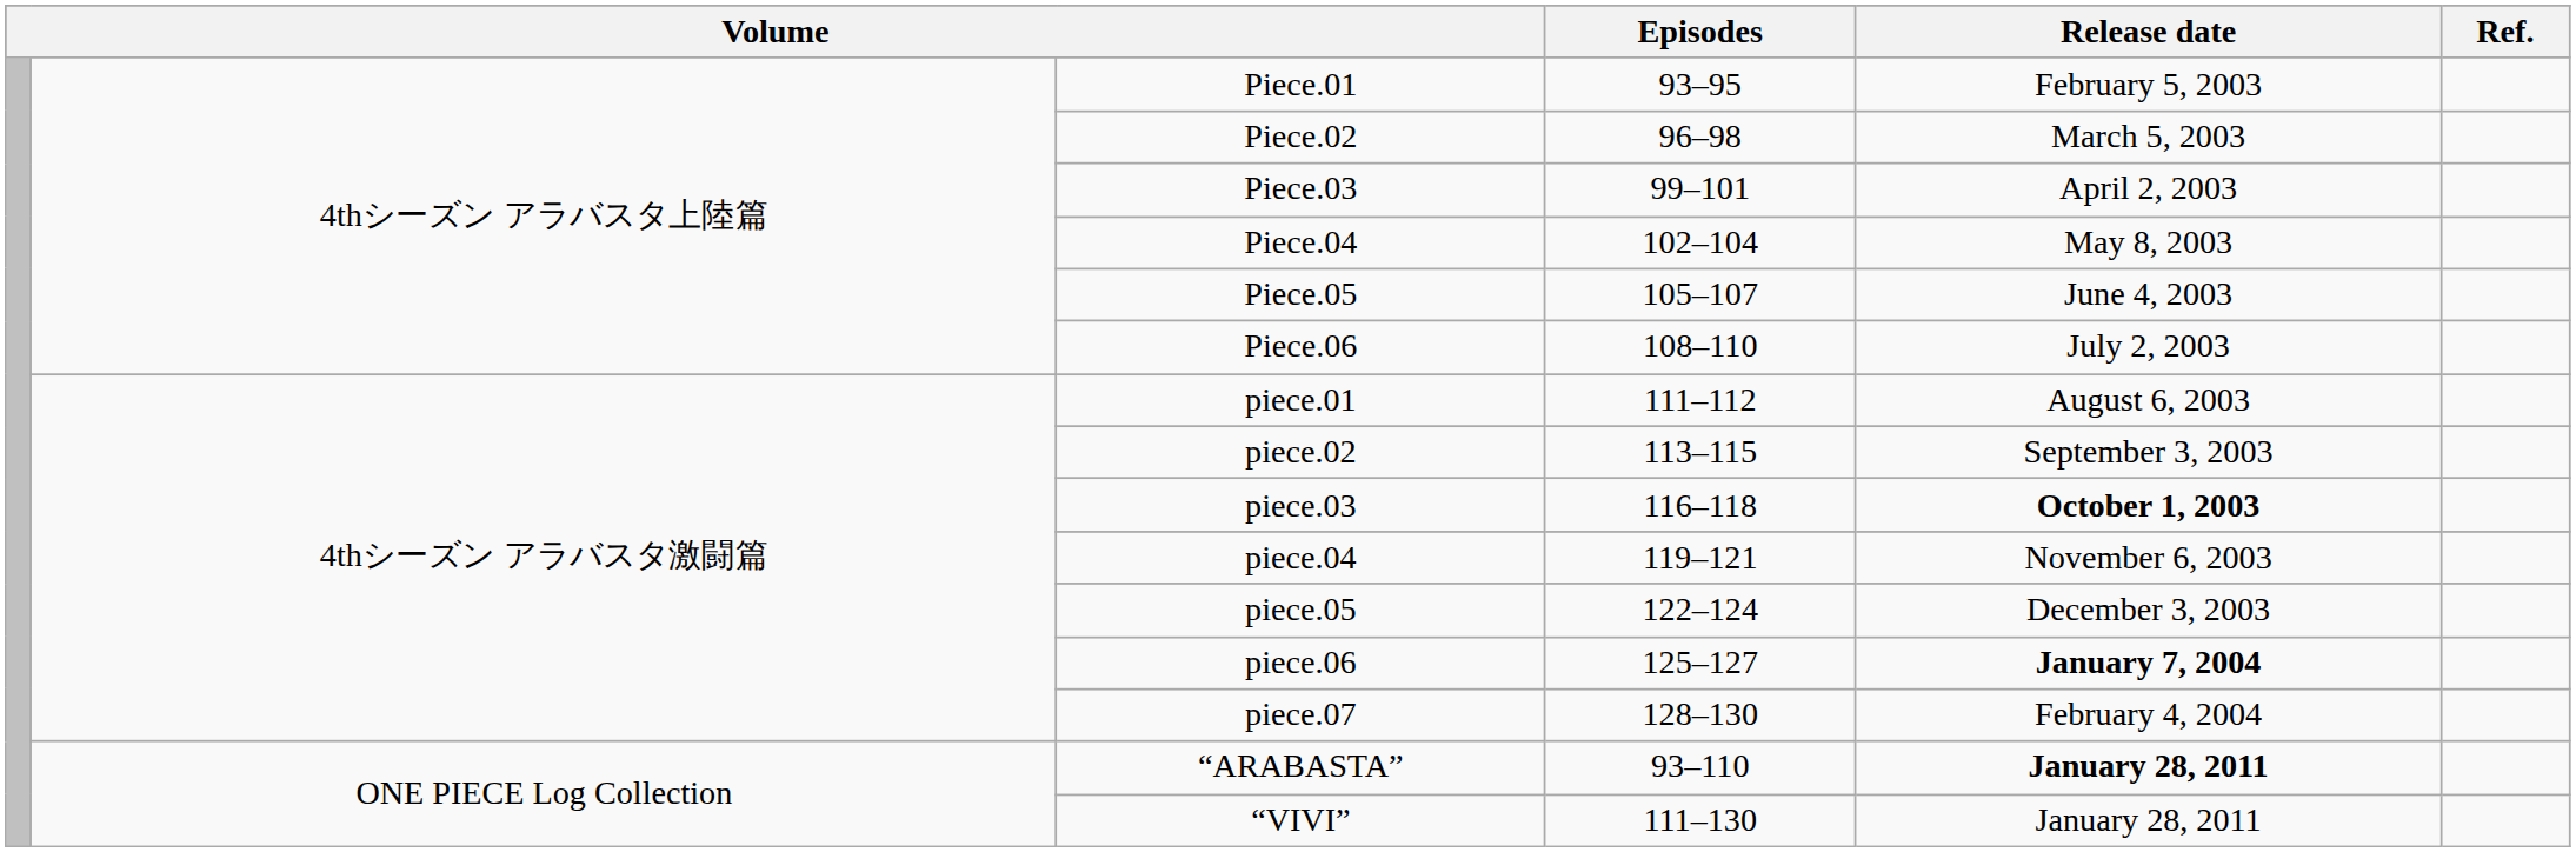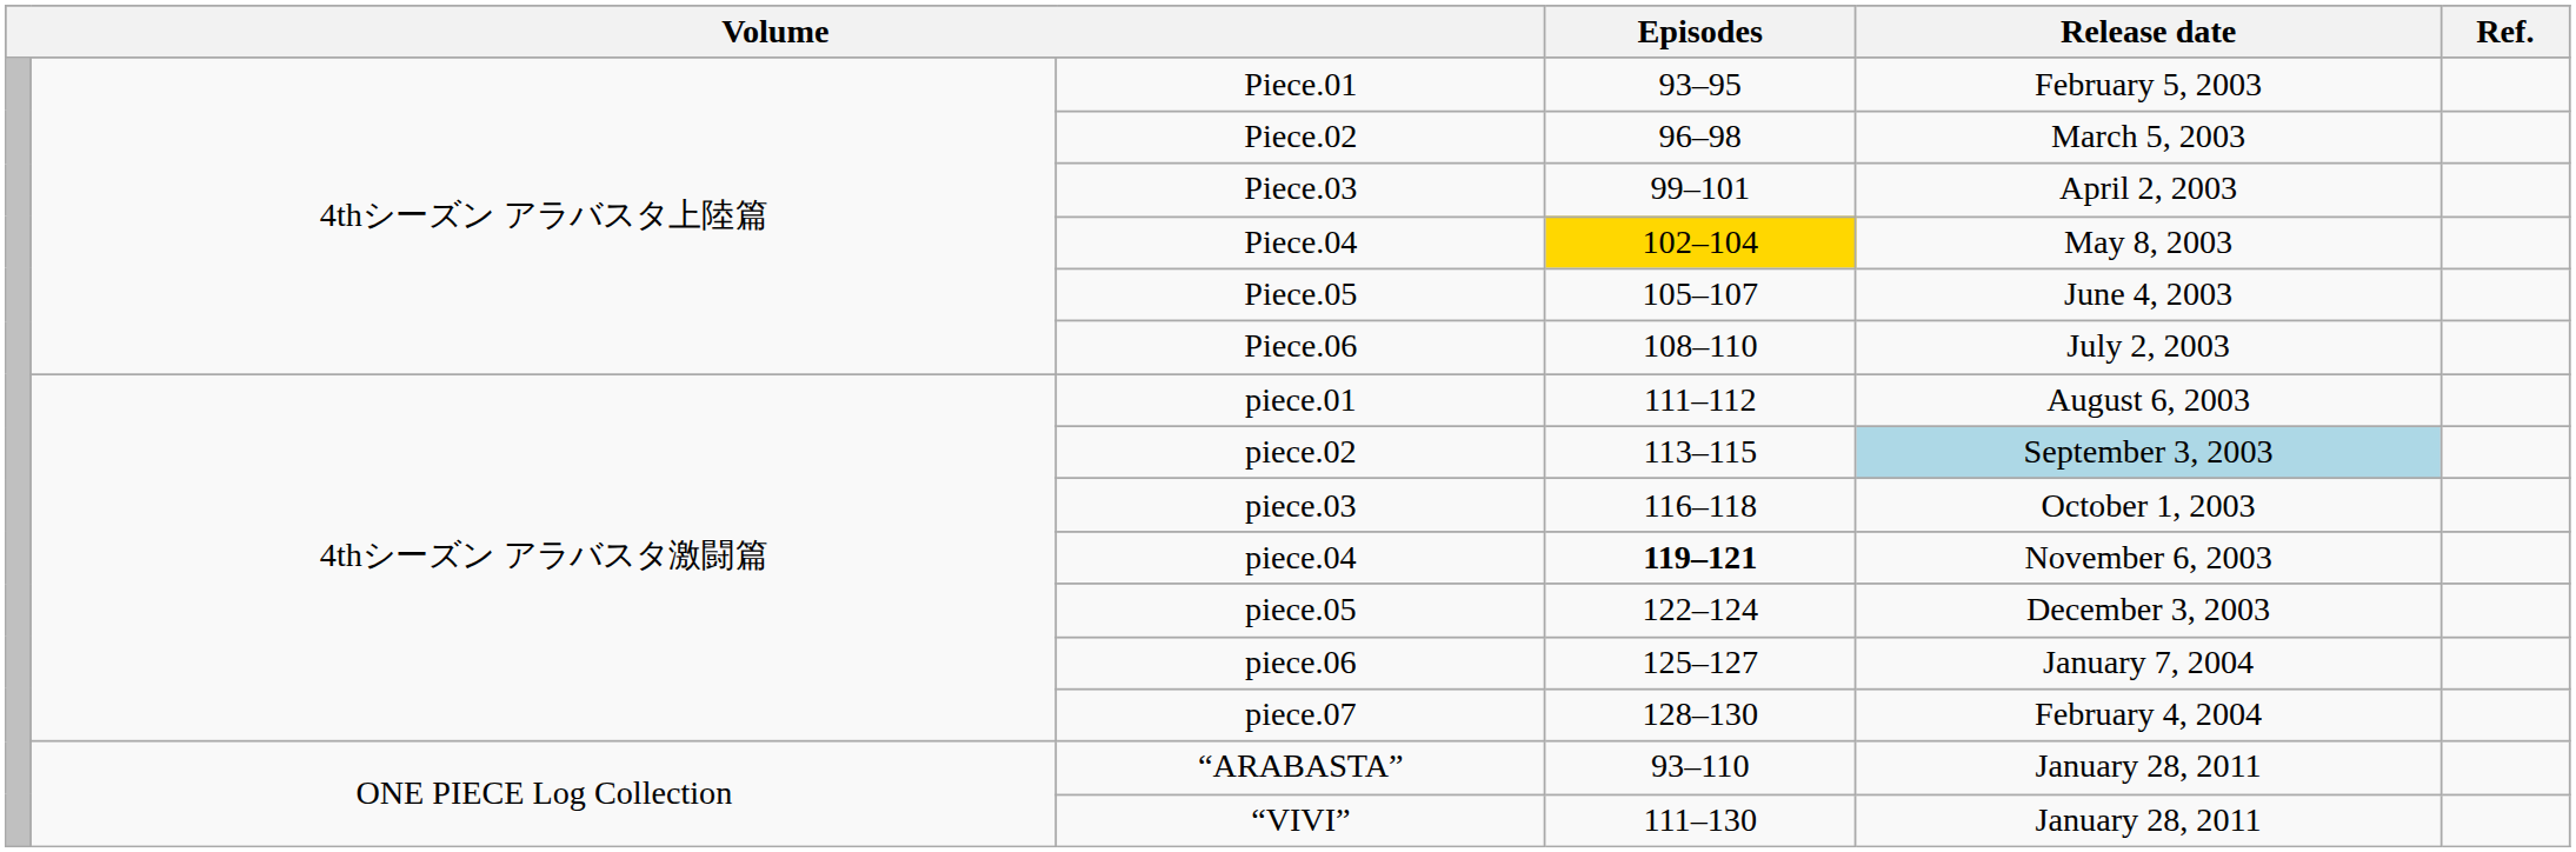 <table class="wikitable" style="text-align: center; width: 98%;">
 <tr>
 <th colspan="3">Volume</th>
 <th>Episodes</th>
 <th>Release date</th>
 <th width="5%">Ref.</th>
 </tr>
 <tr>
 <td rowspan="15" width="1%" style="background: #C0C0C0;"></td>
 <td rowspan="6">4thシーズン アラバスタ上陸篇</td>
 <td>Piece.01</td>
 <td>93–95</td>
 <td>February 5, 2003</td>
 <td></td>
 </tr>
 <tr>
 <td>Piece.02</td>
 <td>96–98</td>
 <td>March 5, 2003</td>
 <td></td>
 </tr>
 <tr>
 <td>Piece.03</td>
 <td>99–101</td>
 <td>April 2, 2003</td>
 <td></td>
 </tr>
 <tr>
 <td>Piece.04</td>
-<td>102–104</td>
+<td style="background: gold;">102–104</td>
 <td>May 8, 2003</td>
 <td></td>
 </tr>
 <tr>
 <td>Piece.05</td>
 <td>105–107</td>
 <td>June 4, 2003</td>
 <td></td>
 </tr>
 <tr>
 <td>Piece.06</td>
 <td>108–110</td>
 <td>July 2, 2003</td>
 <td></td>
 </tr>
 <tr>
 <td rowspan="7">4thシーズン アラバスタ激闘篇</td>
 <td>piece.01</td>
 <td>111–112</td>
 <td>August 6, 2003</td>
 <td></td>
 </tr>
 <tr>
 <td>piece.02</td>
 <td>113–115</td>
-<td>September 3, 2003</td>
+<td style="background: lightblue;">September 3, 2003</td>
 <td></td>
 </tr>
 <tr>
 <td>piece.03</td>
 <td>116–118</td>
-<td><strong>October 1, 2003</strong></td>
+<td>October 1, 2003</td>
 <td></td>
 </tr>
 <tr>
 <td>piece.04</td>
-<td>119–121</td>
+<td><strong>119–121</strong></td>
 <td>November 6, 2003</td>
 <td></td>
 </tr>
 <tr>
 <td>piece.05</td>
 <td>122–124</td>
 <td>December 3, 2003</td>
 <td></td>
 </tr>
 <tr>
 <td>piece.06</td>
 <td>125–127</td>
-<td><strong>January 7, 2004</strong></td>
+<td>January 7, 2004</td>
 <td></td>
 </tr>
 <tr>
 <td>piece.07</td>
 <td>128–130</td>
 <td>February 4, 2004</td>
 <td></td>
 </tr>
 <tr>
 <td rowspan="2">ONE PIECE Log Collection</td>
 <td>“ARABASTA”</td>
 <td>93–110</td>
-<td><strong>January 28, 2011</strong></td>
+<td>January 28, 2011</td>
 <td></td>
 </tr>
 <tr>
 <td>“VIVI”</td>
 <td>111–130</td>
 <td>January 28, 2011</td>
 <td></td>
 </tr>
 </table>
